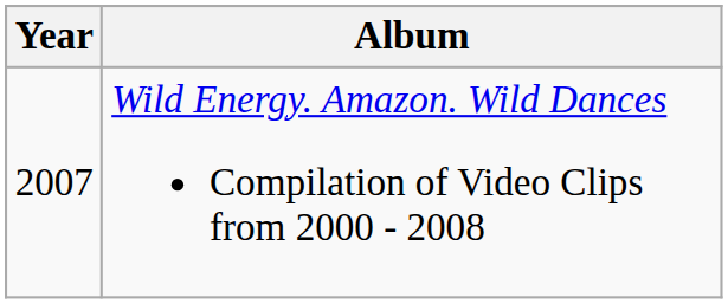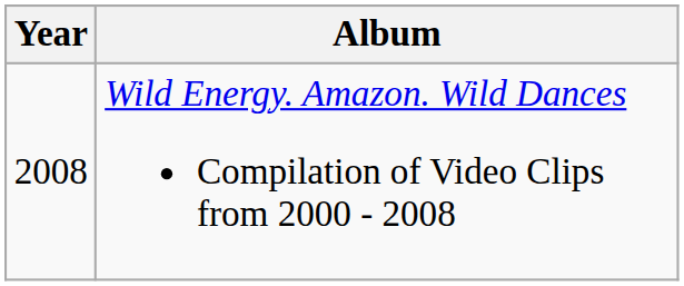 <table class="wikitable">
 <tr>
 <th width="18" rowspan="1">Year</th>
 <th width="245" rowspan="1">Album</th>
 </tr>
 <tr>
-<td>2007</td>
+<td>2008</td>
 <td><em><a href='#'>Wild Energy. Amazon. Wild Dances</a></em><br><ul><li>Compilation of Video Clips from 2000 - 2008</li></ul></td>
 </tr>
 </table>
